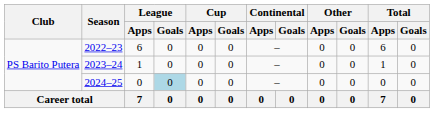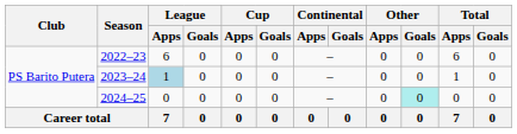 <table class="wikitable" style="text-align: center">
 <tr>
 <th rowspan="2">Club</th>
 <th rowspan="2">Season</th>
 <th colspan="2">League</th>
 <th colspan="2">Cup</th>
 <th colspan="2">Continental</th>
 <th colspan="2">Other</th>
 <th colspan="3">Total</th>
 </tr>
 <tr>
 <th>Apps</th>
 <th>Goals</th>
 <th>Apps</th>
 <th>Goals</th>
 <th>Apps</th>
 <th>Goals</th>
 <th>Apps</th>
 <th>Goals</th>
 <th>Apps</th>
 <th>Goals</th>
 </tr>
 <tr>
 <td rowspan="3"><a href='#'>PS Barito Putera</a></td>
 <td><a href='#'>2022–23</a></td>
 <td>6</td>
 <td>0</td>
 <td>0</td>
 <td>0</td>
 <td colspan="2">–</td>
 <td>0</td>
 <td>0</td>
 <td>6</td>
 <td>0</td>
 </tr>
 <tr>
 <td><a href='#'>2023–24</a></td>
-<td>1</td>
+<td style="background: lightblue;">1</td>
 <td>0</td>
 <td>0</td>
 <td>0</td>
 <td colspan="2">–</td>
 <td>0</td>
 <td>0</td>
 <td>1</td>
 <td>0</td>
 </tr>
 <tr>
 <td><a href='#'>2024–25</a></td>
 <td>0</td>
-<td style="background: lightblue;">0</td>
+<td>0</td>
 <td>0</td>
 <td>0</td>
 <td colspan="2">–</td>
 <td>0</td>
-<td>0</td>
+<td style="background: paleturquoise;">0</td>
 <td>0</td>
 <td>0</td>
 </tr>
 <tr>
 <th colspan=2>Career total</th>
 <th>7</th>
 <th>0</th>
 <th>0</th>
 <th>0</th>
 <th>0</th>
 <th>0</th>
 <th>0</th>
 <th>0</th>
 <th>7</th>
 <th>0</th>
 </tr>
 </table>
